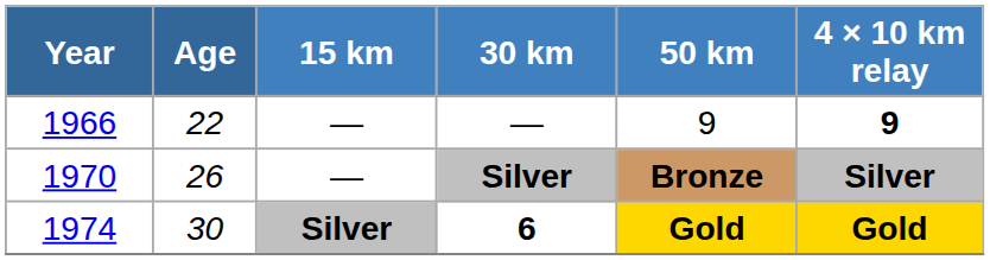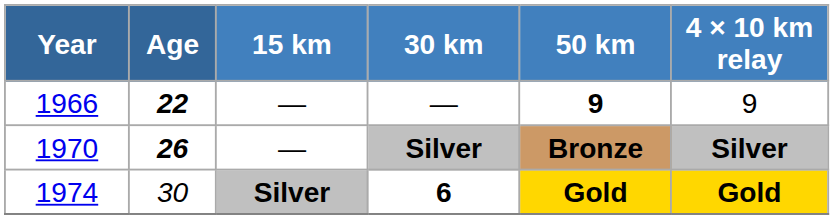 <table class="wikitable" style="font-size:95%; text-align:center; border:grey solid 1px; border-collapse:collapse; background:#ffffff;">
 <tr>
 <th style="background-color:#369; color:white; width:60px;"> Year </th>
 <th style="background-color:#369; color:white; width:40px;"> Age </th>
 <th style="background-color:#4180be; color:white; width:75px;"> 15 km </th>
 <th style="background-color:#4180be; color:white; width:75px;"> 30 km </th>
 <th style="background-color:#4180be; color:white; width:75px;"> 50 km </th>
 <th style="background-color:#4180be; color:white; width:75px;"> 4 × 10 km <br> relay </th>
 </tr>
 <tr>
 <td><a href='#'>1966</a></td>
-<td><em>22</em></td>
+<td><strong><em>22</em></strong></td>
 <td>—</td>
 <td>—</td>
+<td><strong>9</strong></td>
 <td>9</td>
-<td><strong>9</strong></td>
 </tr>
 <tr>
 <td><a href='#'>1970</a></td>
-<td><em>26</em></td>
+<td><strong><em>26</em></strong></td>
 <td>—</td>
 <td style="background:silver;"><strong>Silver</strong></td>
 <td bgcolor="cc9966"><strong>Bronze</strong></td>
 <td style="background:silver;"><strong>Silver</strong></td>
 </tr>
 <tr>
 <td><a href='#'>1974</a></td>
 <td><em>30</em></td>
 <td style="background:silver;"><strong>Silver</strong></td>
 <td><strong>6</strong></td>
 <td style="background:gold;"><strong>Gold</strong></td>
 <td style="background:gold;"><strong>Gold</strong></td>
 </tr>
 <tr>
 </tr>
 </table>
